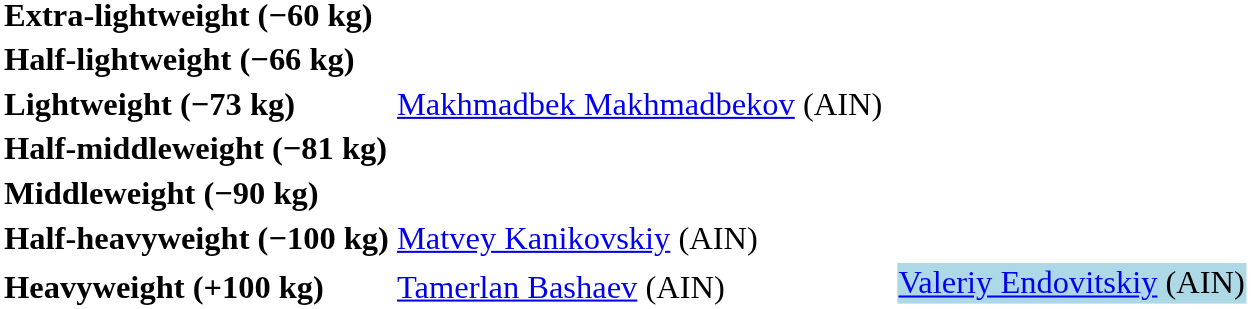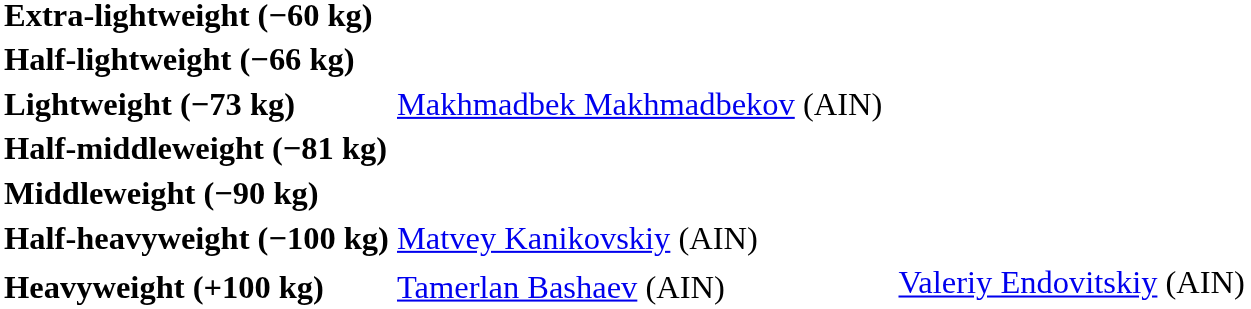 <table>
 <tr>
 <th rowspan=2 style="text-align:left;">Extra-lightweight (−60 kg)</th>
 <td rowspan=2></td>
 <td rowspan=2></td>
 <td></td>
 </tr>
 <tr>
 <td></td>
 </tr>
 <tr>
 <th rowspan=2 style="text-align:left;">Half-lightweight (−66 kg)</th>
 <td rowspan=2></td>
 <td rowspan=2></td>
 <td></td>
 </tr>
 <tr>
 <td></td>
 </tr>
 <tr>
 <th rowspan=2 style="text-align:left;">Lightweight (−73 kg)</th>
 <td rowspan=2> <a href='#'>Makhmadbek Makhmadbekov</a> <span>(<abbr>AIN</abbr>)</span></td>
 <td rowspan=2></td>
 <td></td>
 </tr>
 <tr>
 <td></td>
 </tr>
 <tr>
 <th rowspan=2 style="text-align:left;">Half-middleweight (−81 kg)</th>
 <td rowspan=2></td>
 <td rowspan=2></td>
 <td></td>
 </tr>
 <tr>
 <td></td>
 </tr>
 <tr>
 <th rowspan=2 style="text-align:left;">Middleweight (−90 kg)</th>
 <td rowspan=2></td>
 <td rowspan=2></td>
 <td></td>
 </tr>
 <tr>
 <td></td>
 </tr>
 <tr>
 <th rowspan=2 style="text-align:left;">Half-heavyweight (−100 kg)</th>
 <td rowspan=2> <a href='#'>Matvey Kanikovskiy</a> <span>(<abbr>AIN</abbr>)</span></td>
 <td rowspan=2></td>
 <td></td>
 </tr>
 <tr>
 <td></td>
 </tr>
 <tr>
 <th rowspan=2 style="text-align:left;">Heavyweight (+100 kg)</th>
 <td rowspan=2> <a href='#'>Tamerlan Bashaev</a> <span>(<abbr>AIN</abbr>)</span></td>
 <td rowspan=2></td>
-<td style="background: lightblue;"> <a href='#'>Valeriy Endovitskiy</a> <span>(<abbr>AIN</abbr>)</span></td>
+<td> <a href='#'>Valeriy Endovitskiy</a> <span>(<abbr>AIN</abbr>)</span></td>
 </tr>
 <tr>
 <td></td>
 </tr>
 </table>
